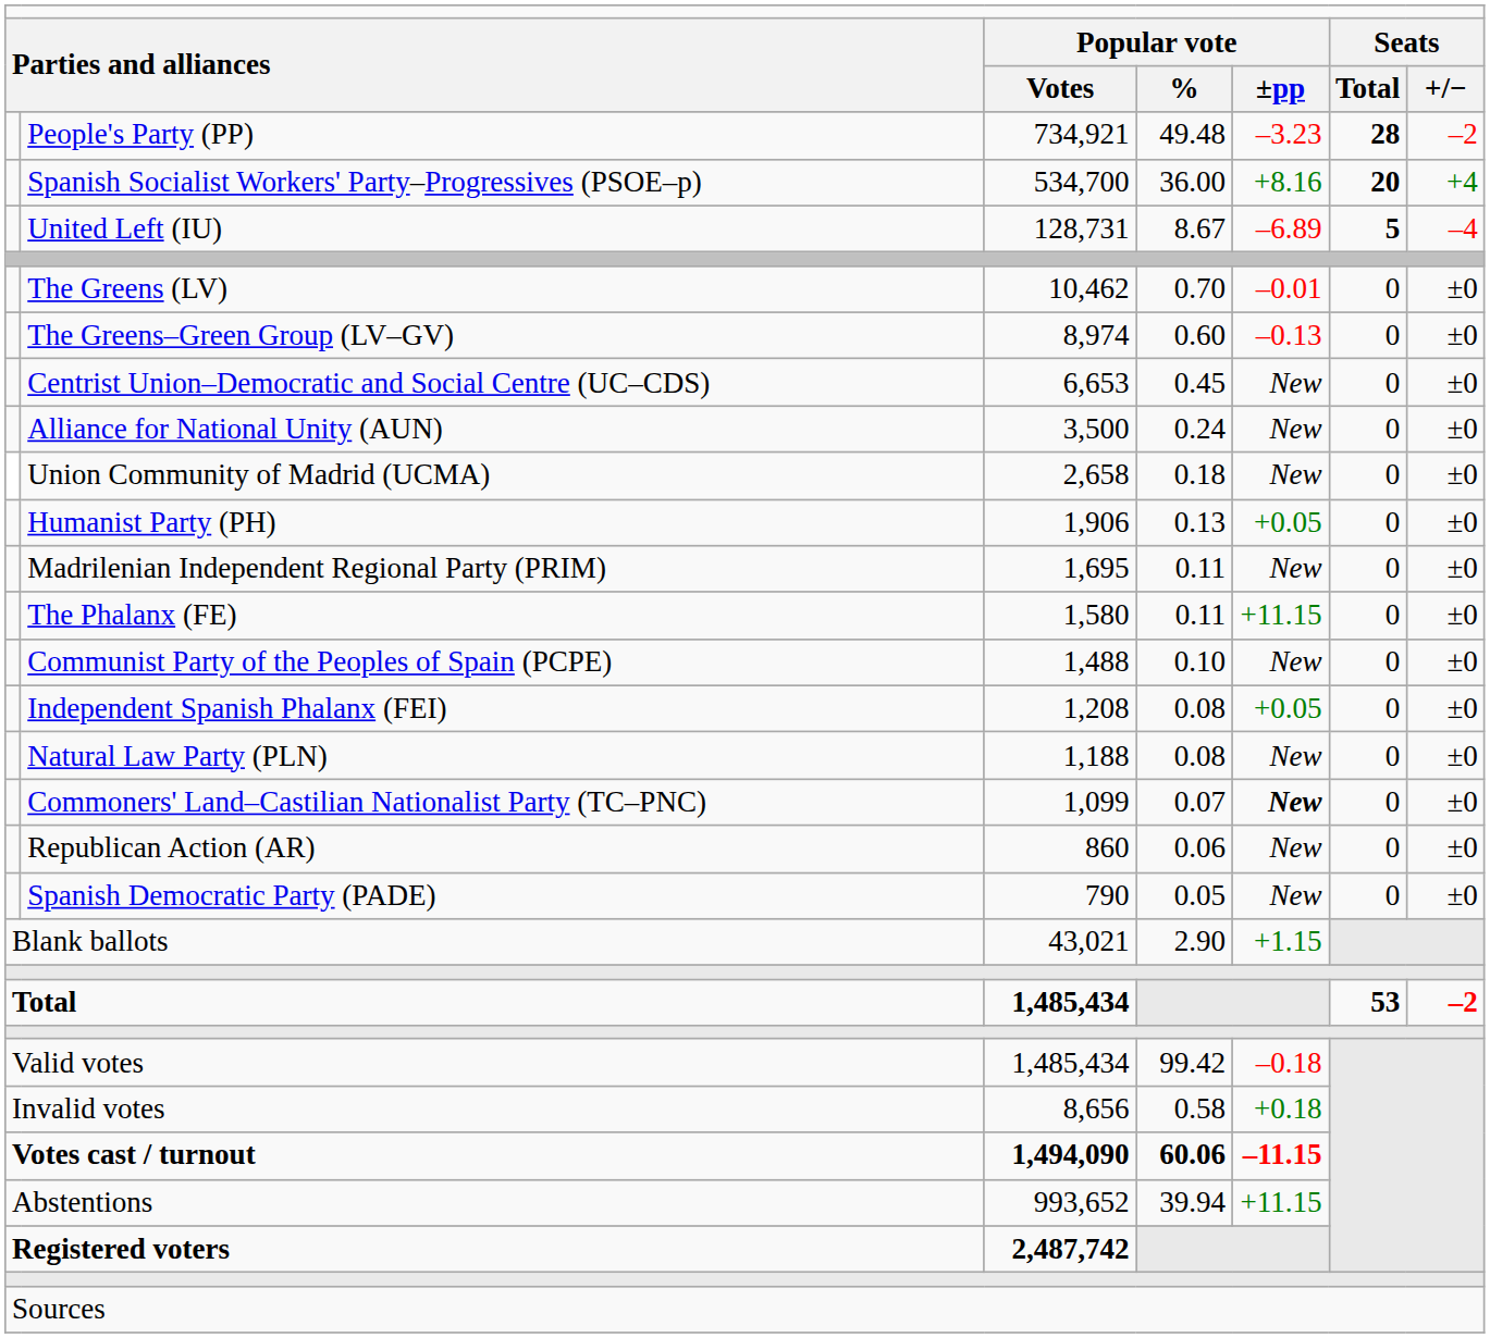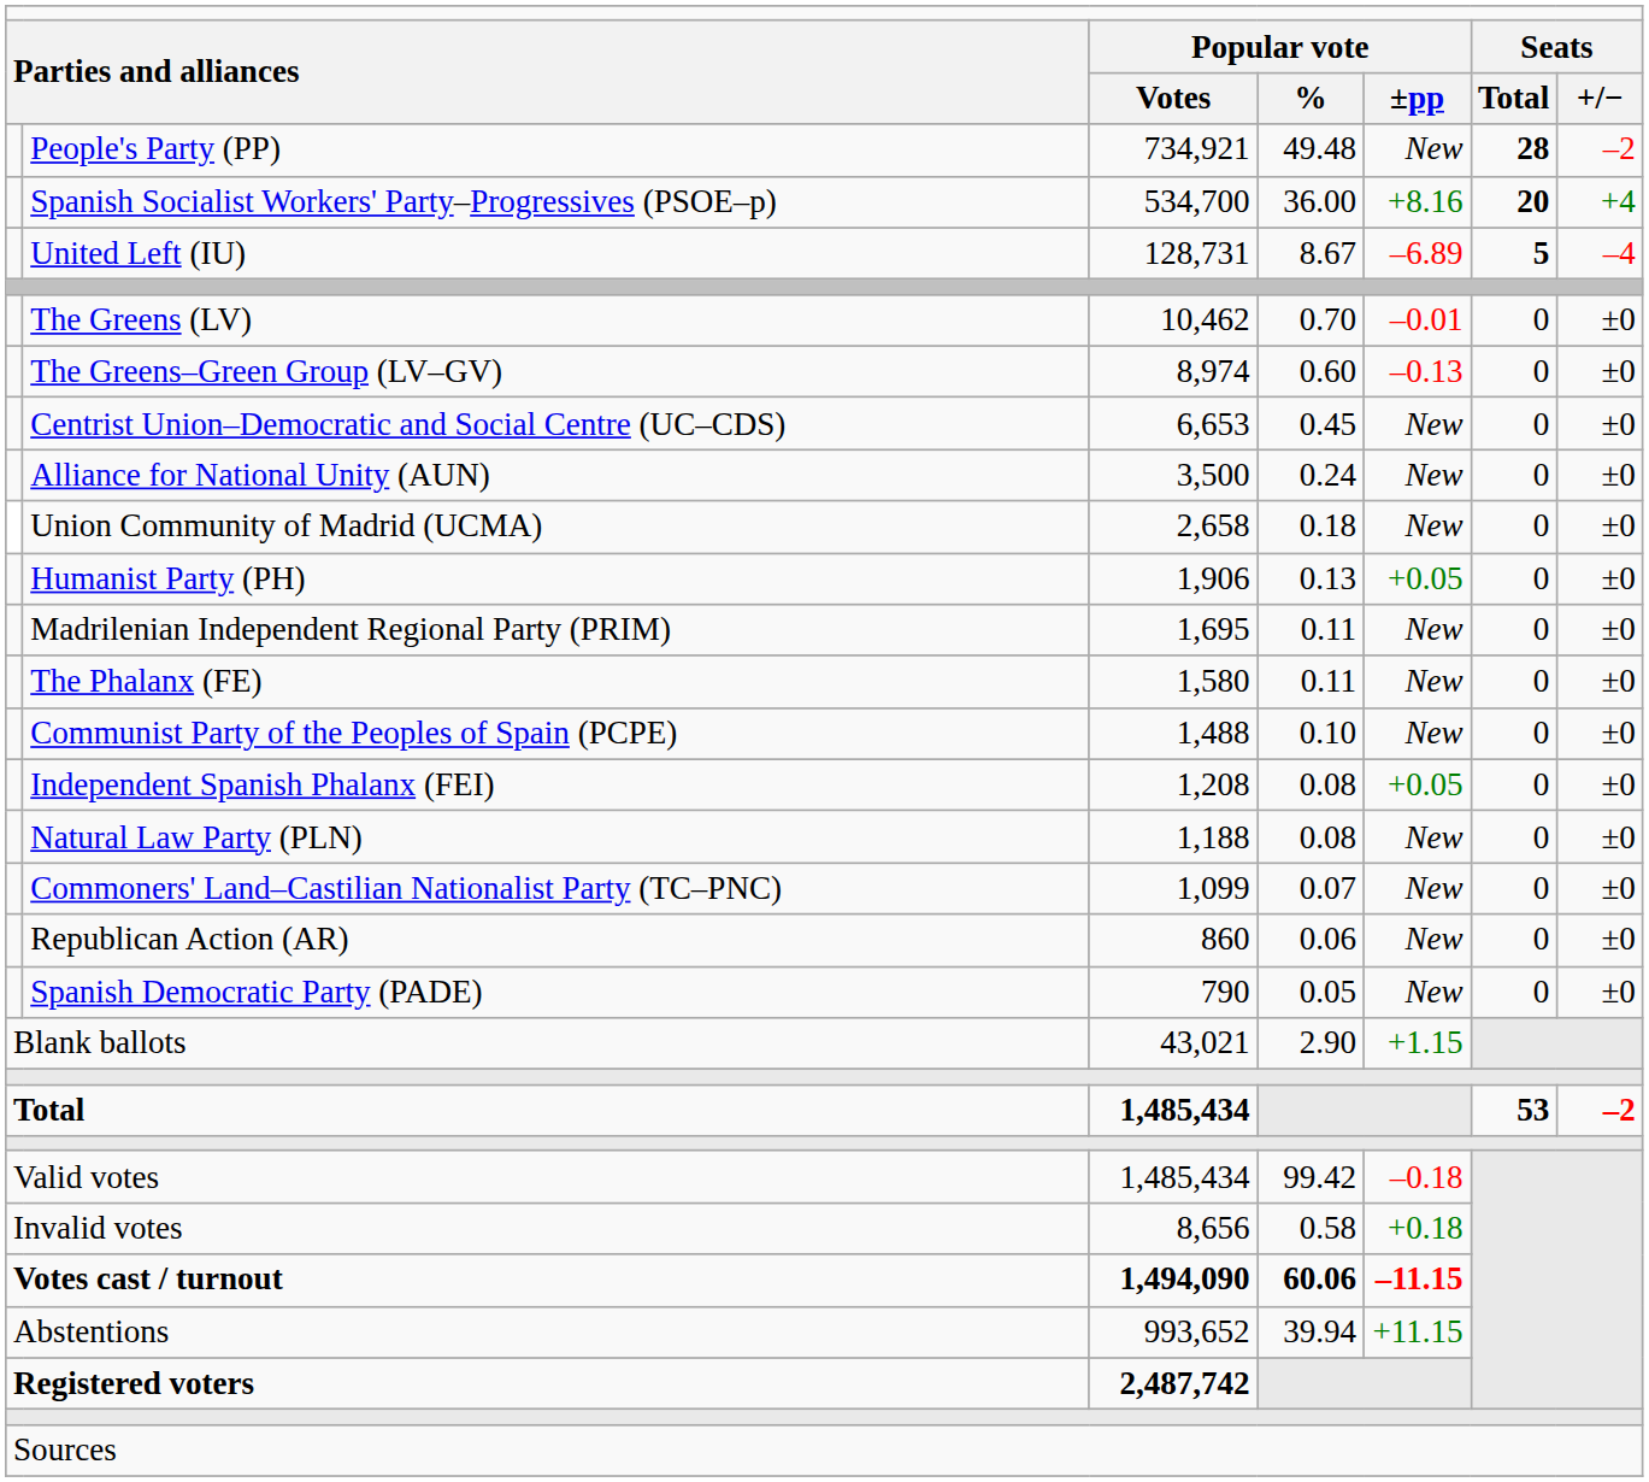 <table class="wikitable" style="text-align:right;">
 <tr>
 <td colspan="7"></td>
 </tr>
 <tr>
 <th style="text-align:left;" rowspan="2" colspan="2" width="525">Parties and alliances</th>
 <th colspan="3">Popular vote</th>
 <th colspan="2">Seats</th>
 </tr>
 <tr>
 <th width="75">Votes</th>
 <th width="45">%</th>
 <th width="45">±<a href='#'>pp</a></th>
 <th width="35">Total</th>
 <th width="35">+/−</th>
 </tr>
 <tr>
 <td width="1" style="color:inherit;background:"></td>
 <td align="left"><a href='#'>People's Party</a> (PP)</td>
 <td>734,921</td>
 <td>49.48</td>
-<td style="color:red;">–3.23</td>
+<td><em>New</em></td>
 <td><strong>28</strong></td>
 <td style="color:red;">–2</td>
 </tr>
 <tr>
 <td style="color:inherit;background:"></td>
 <td align="left"><a href='#'>Spanish Socialist Workers' Party</a>–<a href='#'>Progressives</a> (PSOE–p)</td>
 <td>534,700</td>
 <td>36.00</td>
 <td style="color:green;">+8.16</td>
 <td><strong>20</strong></td>
 <td style="color:green;">+4</td>
 </tr>
 <tr>
 <td style="color:inherit;background:"></td>
 <td align="left"><a href='#'>United Left</a> (IU)</td>
 <td>128,731</td>
 <td>8.67</td>
 <td style="color:red;">–6.89</td>
 <td><strong>5</strong></td>
 <td style="color:red;">–4</td>
 </tr>
 <tr>
 <td colspan="7" bgcolor="#C0C0C0"></td>
 </tr>
 <tr>
 <td style="color:inherit;background:"></td>
 <td align="left"><a href='#'>The Greens</a> (LV)</td>
 <td>10,462</td>
 <td>0.70</td>
 <td style="color:red;">–0.01</td>
 <td>0</td>
 <td>±0</td>
 </tr>
 <tr>
 <td style="color:inherit;background:"></td>
 <td align="left"><a href='#'>The Greens–Green Group</a> (LV–GV)</td>
 <td>8,974</td>
 <td>0.60</td>
 <td style="color:red;">–0.13</td>
 <td>0</td>
 <td>±0</td>
 </tr>
 <tr>
 <td style="color:inherit;background:"></td>
 <td align="left"><a href='#'>Centrist Union–Democratic and Social Centre</a> (UC–CDS)</td>
 <td>6,653</td>
 <td>0.45</td>
 <td><em>New</em></td>
 <td>0</td>
 <td>±0</td>
 </tr>
 <tr>
 <td style="color:inherit;background:"></td>
 <td align="left"><a href='#'>Alliance for National Unity</a> (AUN)</td>
 <td>3,500</td>
 <td>0.24</td>
 <td><em>New</em></td>
 <td>0</td>
 <td>±0</td>
 </tr>
 <tr>
 <td bgcolor="white"></td>
 <td align="left">Union Community of Madrid (UCMA)</td>
 <td>2,658</td>
 <td>0.18</td>
 <td><em>New</em></td>
 <td>0</td>
 <td>±0</td>
 </tr>
 <tr>
 <td style="color:inherit;background:"></td>
 <td align="left"><a href='#'>Humanist Party</a> (PH)</td>
 <td>1,906</td>
 <td>0.13</td>
 <td style="color:green;">+0.05</td>
 <td>0</td>
 <td>±0</td>
 </tr>
 <tr>
 <td style="color:inherit;background:"></td>
 <td align="left">Madrilenian Independent Regional Party (PRIM)</td>
 <td>1,695</td>
 <td>0.11</td>
 <td><em>New</em></td>
 <td>0</td>
 <td>±0</td>
 </tr>
 <tr>
 <td style="color:inherit;background:"></td>
 <td align="left"><a href='#'>The Phalanx</a> (FE)</td>
 <td>1,580</td>
 <td>0.11</td>
-<td style="color:green;">+11.15</td>
+<td><em>New</em></td>
 <td>0</td>
 <td>±0</td>
 </tr>
 <tr>
 <td style="color:inherit;background:"></td>
 <td align="left"><a href='#'>Communist Party of the Peoples of Spain</a> (PCPE)</td>
 <td>1,488</td>
 <td>0.10</td>
 <td><em>New</em></td>
 <td>0</td>
 <td>±0</td>
 </tr>
 <tr>
 <td style="color:inherit;background:"></td>
 <td align="left"><a href='#'>Independent Spanish Phalanx</a> (FEI)</td>
 <td>1,208</td>
 <td>0.08</td>
 <td style="color:green;">+0.05</td>
 <td>0</td>
 <td>±0</td>
 </tr>
 <tr>
 <td style="color:inherit;background:"></td>
 <td align="left"><a href='#'>Natural Law Party</a> (PLN)</td>
 <td>1,188</td>
 <td>0.08</td>
 <td><em>New</em></td>
 <td>0</td>
 <td>±0</td>
 </tr>
 <tr>
 <td style="color:inherit;background:"></td>
 <td align="left"><a href='#'>Commoners' Land–Castilian Nationalist Party</a> (TC–PNC)</td>
 <td>1,099</td>
 <td>0.07</td>
-<td><strong><em>New</em></strong></td>
+<td><em>New</em></td>
 <td>0</td>
 <td>±0</td>
 </tr>
 <tr>
 <td style="color:inherit;background:"></td>
 <td align="left">Republican Action (AR)</td>
 <td>860</td>
 <td>0.06</td>
 <td><em>New</em></td>
 <td>0</td>
 <td>±0</td>
 </tr>
 <tr>
 <td style="color:inherit;background:"></td>
 <td align="left"><a href='#'>Spanish Democratic Party</a> (PADE)</td>
 <td>790</td>
 <td>0.05</td>
 <td><em>New</em></td>
 <td>0</td>
 <td>±0</td>
 </tr>
 <tr>
 <td align="left" colspan="2">Blank ballots</td>
 <td>43,021</td>
 <td>2.90</td>
 <td style="color:green;">+1.15</td>
 <td bgcolor="#E9E9E9" colspan="2"></td>
 </tr>
 <tr>
 <td colspan="7" bgcolor="#E9E9E9"></td>
 </tr>
 <tr style="font-weight:bold;">
 <td align="left" colspan="2">Total</td>
 <td>1,485,434</td>
 <td bgcolor="#E9E9E9" colspan="2"></td>
 <td>53</td>
 <td style="color:red;">–2</td>
 </tr>
 <tr>
 <td colspan="7" bgcolor="#E9E9E9"></td>
 </tr>
 <tr>
 <td align="left" colspan="2">Valid votes</td>
 <td>1,485,434</td>
 <td>99.42</td>
 <td style="color:red;">–0.18</td>
 <td bgcolor="#E9E9E9" colspan="2" rowspan="5"></td>
 </tr>
 <tr>
 <td align="left" colspan="2">Invalid votes</td>
 <td>8,656</td>
 <td>0.58</td>
 <td style="color:green;">+0.18</td>
 </tr>
 <tr style="font-weight:bold;">
 <td align="left" colspan="2">Votes cast / turnout</td>
 <td>1,494,090</td>
 <td>60.06</td>
 <td style="color:red;">–11.15</td>
 </tr>
 <tr>
 <td align="left" colspan="2">Abstentions</td>
 <td>993,652</td>
 <td>39.94</td>
 <td style="color:green;">+11.15</td>
 </tr>
 <tr style="font-weight:bold;">
 <td align="left" colspan="2">Registered voters</td>
 <td>2,487,742</td>
 <td bgcolor="#E9E9E9" colspan="2"></td>
 </tr>
 <tr>
 <td colspan="7" bgcolor="#E9E9E9"></td>
 </tr>
 <tr>
 <td align="left" colspan="7">Sources</td>
 </tr>
 </table>
